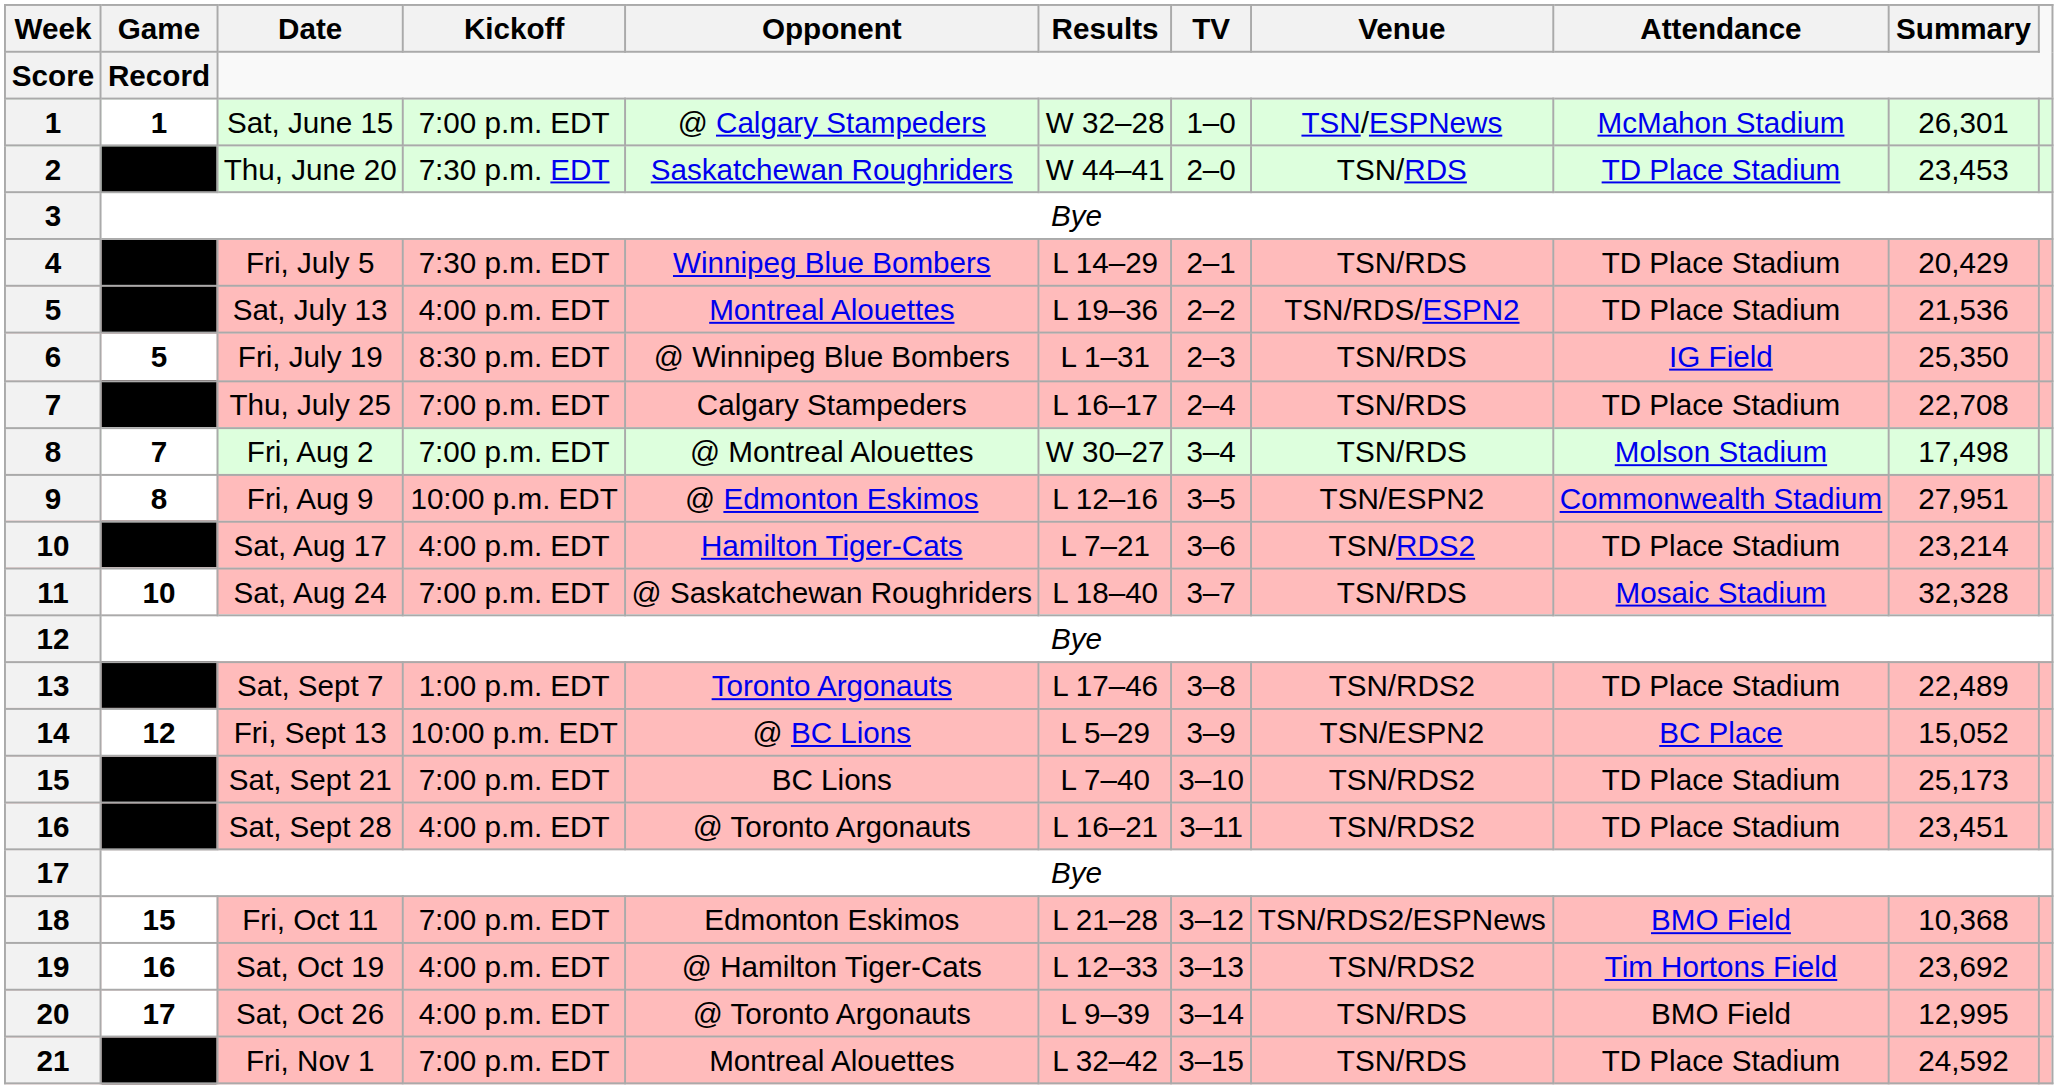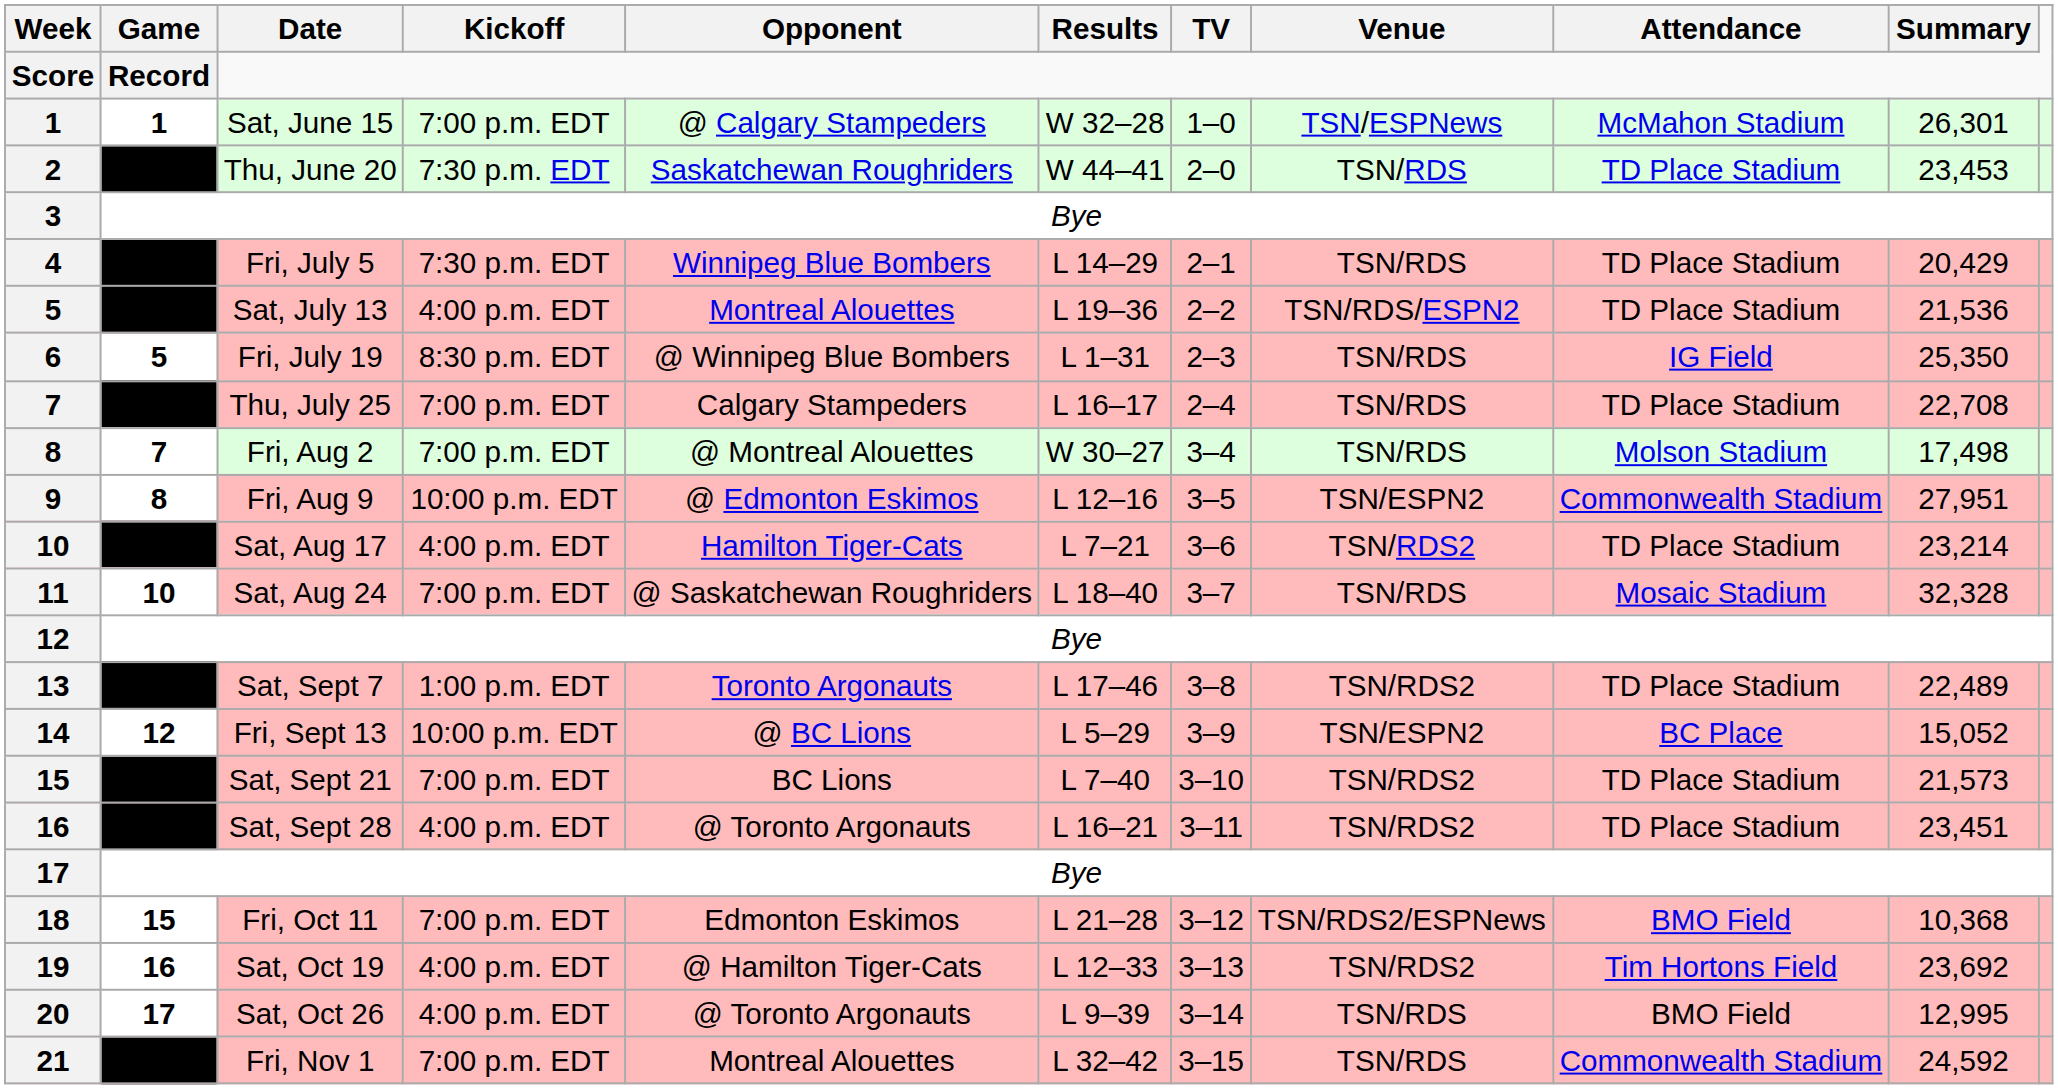 <table class="wikitable" style="font-size: 95%;">
 <tr>
 <th scope="col">Week</th>
 <th scope="col">Game</th>
 <th scope="col">Date</th>
 <th scope="col">Kickoff</th>
 <th scope="col">Opponent</th>
 <th scope="col">Results</th>
 <th scope="col">TV</th>
 <th scope="col">Venue</th>
 <th scope="col">Attendance</th>
 <th scope="col">Summary</th>
 </tr>
 <tr>
 <th scope="col">Score</th>
 <th scope="col">Record</th>
 </tr>
 <tr align="center" bgcolor="ddffdd">
 <th align="center"><strong>1</strong></th>
 <th style="text-align:center; background:white;"><span>1</span></th>
 <td align="center">Sat, June 15</td>
 <td align="center">7:00 p.m. EDT</td>
 <td align="center">@ <a href='#'>Calgary Stampeders</a></td>
 <td align="center">W 32–28</td>
 <td align="center">1–0</td>
 <td align="center"><a href='#'>TSN</a>/<a href='#'>ESPNews</a></td>
 <td align="center"><a href='#'>McMahon Stadium</a></td>
 <td align="center">26,301</td>
 <td align="center"></td>
 </tr>
 <tr align="center" bgcolor="ddffdd">
 <th align="center"><strong>2</strong></th>
 <th style="text-align:center; background:black;"><span><strong>2</strong></span></th>
 <td align="center">Thu, June 20</td>
 <td align="center">7:30 p.m. <a href='#'>EDT</a></td>
 <td align="center"><a href='#'>Saskatchewan Roughriders</a></td>
 <td align="center">W 44–41</td>
 <td align="center">2–0</td>
 <td align="center">TSN/<a href='#'>RDS</a></td>
 <td align="center"><a href='#'>TD Place Stadium</a></td>
 <td align="center">23,453</td>
 <td align="center"></td>
 </tr>
 <tr align="center" bgcolor="ffffff">
 <th align="center"><strong>3</strong></th>
 <td colspan=10 align="center" valign="middle"><em>Bye</em></td>
 </tr>
 <tr align="center" bgcolor="ffbbbb">
 <th align="center"><strong>4</strong></th>
 <th style="text-align:center; background:black;"><span><strong>3</strong></span></th>
 <td align="center">Fri, July 5</td>
 <td align="center">7:30 p.m. EDT</td>
 <td align="center"><a href='#'>Winnipeg Blue Bombers</a></td>
 <td align="center">L 14–29</td>
 <td align="center">2–1</td>
 <td align="center">TSN/RDS</td>
 <td align="center">TD Place Stadium</td>
 <td align="center">20,429</td>
 <td align="center"></td>
 </tr>
 <tr align="center" bgcolor="ffbbbb">
 <th align="center"><strong>5</strong></th>
 <th style="text-align:center; background:black;"><span><strong>4</strong></span></th>
 <td align="center">Sat, July 13</td>
 <td align="center">4:00 p.m. EDT</td>
 <td align="center"><a href='#'>Montreal Alouettes</a></td>
 <td align="center">L 19–36</td>
 <td align="center">2–2</td>
 <td align="center">TSN/RDS/<a href='#'>ESPN2</a></td>
 <td align="center">TD Place Stadium</td>
 <td align="center">21,536</td>
 <td align="center"></td>
 </tr>
 <tr align="center" bgcolor="ffbbbb">
 <th align="center"><strong>6</strong></th>
 <th style="text-align:center; background:white;"><span>5</span></th>
 <td align="center">Fri, July 19</td>
 <td align="center">8:30 p.m. EDT</td>
 <td align="center">@ Winnipeg Blue Bombers</td>
 <td align="center">L 1–31</td>
 <td align="center">2–3</td>
 <td align="center">TSN/RDS</td>
 <td align="center"><a href='#'>IG Field</a></td>
 <td align="center">25,350</td>
 <td align="center"></td>
 </tr>
 <tr align="center" bgcolor="ffbbbb">
 <th align="center"><strong>7</strong></th>
 <th style="text-align:center; background:black;"><span><strong>6</strong></span></th>
 <td align="center">Thu, July 25</td>
 <td align="center">7:00 p.m. EDT</td>
 <td align="center">Calgary Stampeders</td>
 <td align="center">L 16–17</td>
 <td align="center">2–4</td>
 <td align="center">TSN/RDS</td>
 <td align="center">TD Place Stadium</td>
 <td align="center">22,708</td>
 <td align="center"></td>
 </tr>
 <tr align="center" bgcolor="ddffdd">
 <th align="center"><strong>8</strong></th>
 <th style="text-align:center; background:white;"><span>7</span></th>
 <td align="center">Fri, Aug 2</td>
 <td align="center">7:00 p.m. EDT</td>
 <td align="center">@ Montreal Alouettes</td>
 <td align="center">W 30–27 </td>
 <td align="center">3–4</td>
 <td align="center">TSN/RDS</td>
 <td align="center"><a href='#'>Molson Stadium</a></td>
 <td align="center">17,498</td>
 <td align="center"></td>
 </tr>
 <tr align="center" bgcolor="ffbbbb">
 <th align="center"><strong>9</strong></th>
 <th style="text-align:center; background:white;"><span>8</span></th>
 <td align="center">Fri, Aug 9</td>
 <td align="center">10:00 p.m. EDT</td>
 <td align="center">@ <a href='#'>Edmonton Eskimos</a></td>
 <td align="center">L 12–16</td>
 <td align="center">3–5</td>
 <td align="center">TSN/ESPN2</td>
 <td align="center"><a href='#'>Commonwealth Stadium</a></td>
 <td align="center">27,951</td>
 <td align="center"></td>
 </tr>
 <tr align="center" bgcolor="ffbbbb">
 <th align="center"><strong>10</strong></th>
 <th style="text-align:center; background:black;"><span><strong>9</strong></span></th>
 <td align="center">Sat, Aug 17</td>
 <td align="center">4:00 p.m. EDT</td>
 <td align="center"><a href='#'>Hamilton Tiger-Cats</a></td>
 <td align="center">L 7–21</td>
 <td align="center">3–6</td>
 <td align="center">TSN/<a href='#'>RDS2</a></td>
 <td align="center">TD Place Stadium</td>
 <td align="center">23,214</td>
 <td align="center"></td>
 </tr>
 <tr align="center" bgcolor="ffbbbb">
 <th align="center"><strong>11</strong></th>
 <th style="text-align:center; background:white;"><span>10</span></th>
 <td align="center">Sat, Aug 24</td>
 <td align="center">7:00 p.m. EDT</td>
 <td align="center">@ Saskatchewan Roughriders</td>
 <td align="center">L 18–40</td>
 <td align="center">3–7</td>
 <td align="center">TSN/RDS</td>
 <td align="center"><a href='#'>Mosaic Stadium</a></td>
 <td align="center">32,328</td>
 <td align="center"></td>
 </tr>
 <tr align="center" bgcolor="ffffff">
 <th align="center"><strong>12</strong></th>
 <td colspan=10 align="center" valign="middle"><em>Bye</em></td>
 </tr>
 <tr align="center" bgcolor="ffbbbb">
 <th align="center"><strong>13</strong></th>
 <th style="text-align:center; background:black;"><span><strong>11</strong></span></th>
 <td align="center">Sat, Sept 7</td>
 <td align="center">1:00 p.m. EDT</td>
 <td align="center"><a href='#'>Toronto Argonauts</a></td>
 <td align="center">L 17–46</td>
 <td align="center">3–8</td>
 <td align="center">TSN/RDS2</td>
 <td align="center">TD Place Stadium</td>
 <td align="center">22,489</td>
 <td align="center"></td>
 </tr>
 <tr align="center" bgcolor="ffbbbb">
 <th align="center"><strong>14</strong></th>
 <th style="text-align:center; background:white;"><span>12</span></th>
 <td align="center">Fri, Sept 13</td>
 <td align="center">10:00 p.m. EDT</td>
 <td align="center">@ <a href='#'>BC Lions</a></td>
 <td align="center">L 5–29</td>
 <td align="center">3–9</td>
 <td align="center">TSN/ESPN2</td>
 <td align="center"><a href='#'>BC Place</a></td>
 <td align="center">15,052</td>
 <td align="center"></td>
 </tr>
 <tr align="center" bgcolor="ffbbbb">
 <th align="center"><strong>15</strong></th>
 <th style="text-align:center; background:black;"><span><strong>13</strong></span></th>
 <td align="center">Sat, Sept 21</td>
 <td align="center">7:00 p.m. EDT</td>
 <td align="center">BC Lions</td>
 <td align="center">L 7–40</td>
 <td align="center">3–10</td>
 <td align="center">TSN/RDS2</td>
 <td align="center">TD Place Stadium</td>
-<td align="center">25,173</td>
+<td align="center">21,573</td>
 <td align="center"></td>
 </tr>
 <tr align="center" bgcolor="ffbbbb">
 <th align="center"><strong>16</strong></th>
 <th style="text-align:center; background:black;"><span><strong>14</strong></span></th>
 <td align="center">Sat, Sept 28</td>
 <td align="center">4:00 p.m. EDT</td>
 <td align="center">@ Toronto Argonauts</td>
 <td align="center">L 16–21</td>
 <td align="center">3–11</td>
 <td align="center">TSN/RDS2</td>
 <td align="center">TD Place Stadium</td>
 <td align="center">23,451</td>
 <td align="center"></td>
 </tr>
 <tr align="center" bgcolor="ffffff">
 <th align="center"><strong>17</strong></th>
 <td colspan=10 align="center" valign="middle"><em>Bye</em></td>
 </tr>
 <tr align="center" bgcolor="ffbbbb">
 <th align="center"><strong>18</strong></th>
 <th style="text-align:center; background:white;"><span>15</span></th>
 <td align="center">Fri, Oct 11</td>
 <td align="center">7:00 p.m. EDT</td>
 <td align="center">Edmonton Eskimos</td>
 <td align="center">L 21–28</td>
 <td align="center">3–12</td>
 <td align="center">TSN/RDS2/ESPNews</td>
 <td align="center"><a href='#'>BMO Field</a></td>
 <td align="center">10,368</td>
 <td align="center"></td>
 </tr>
 <tr align="center" bgcolor="ffbbbb">
 <th align="center"><strong>19</strong></th>
 <th style="text-align:center; background:white;"><span>16</span></th>
 <td align="center">Sat, Oct 19</td>
 <td align="center">4:00 p.m. EDT</td>
 <td align="center">@ Hamilton Tiger-Cats</td>
 <td align="center">L 12–33</td>
 <td align="center">3–13</td>
 <td align="center">TSN/RDS2</td>
 <td align="center"><a href='#'>Tim Hortons Field</a></td>
 <td align="center">23,692</td>
 <td align="center"></td>
 </tr>
 <tr align="center" bgcolor="ffbbbb">
 <th align="center"><strong>20</strong></th>
 <th style="text-align:center; background:white;"><span>17</span></th>
 <td align="center">Sat, Oct 26</td>
 <td align="center">4:00 p.m. EDT</td>
 <td align="center">@ Toronto Argonauts</td>
 <td align="center">L 9–39</td>
 <td align="center">3–14</td>
 <td align="center">TSN/RDS</td>
 <td align="center">BMO Field</td>
 <td align="center">12,995</td>
 <td align="center"></td>
 </tr>
 <tr align="center" bgcolor="ffbbbb">
 <th align="center"><strong>21</strong></th>
 <th style="text-align:center; background:black;"><span><strong>18</strong></span></th>
 <td align="center">Fri, Nov 1</td>
 <td align="center">7:00 p.m. EDT</td>
 <td align="center">Montreal Alouettes</td>
 <td align="center">L 32–42</td>
 <td align="center">3–15</td>
 <td align="center">TSN/RDS</td>
-<td align="center">TD Place Stadium</td>
+<td align="center"><a href='#'>Commonwealth Stadium</a></td>
 <td align="center">24,592</td>
 <td align="center"></td>
 </tr>
 </table>
